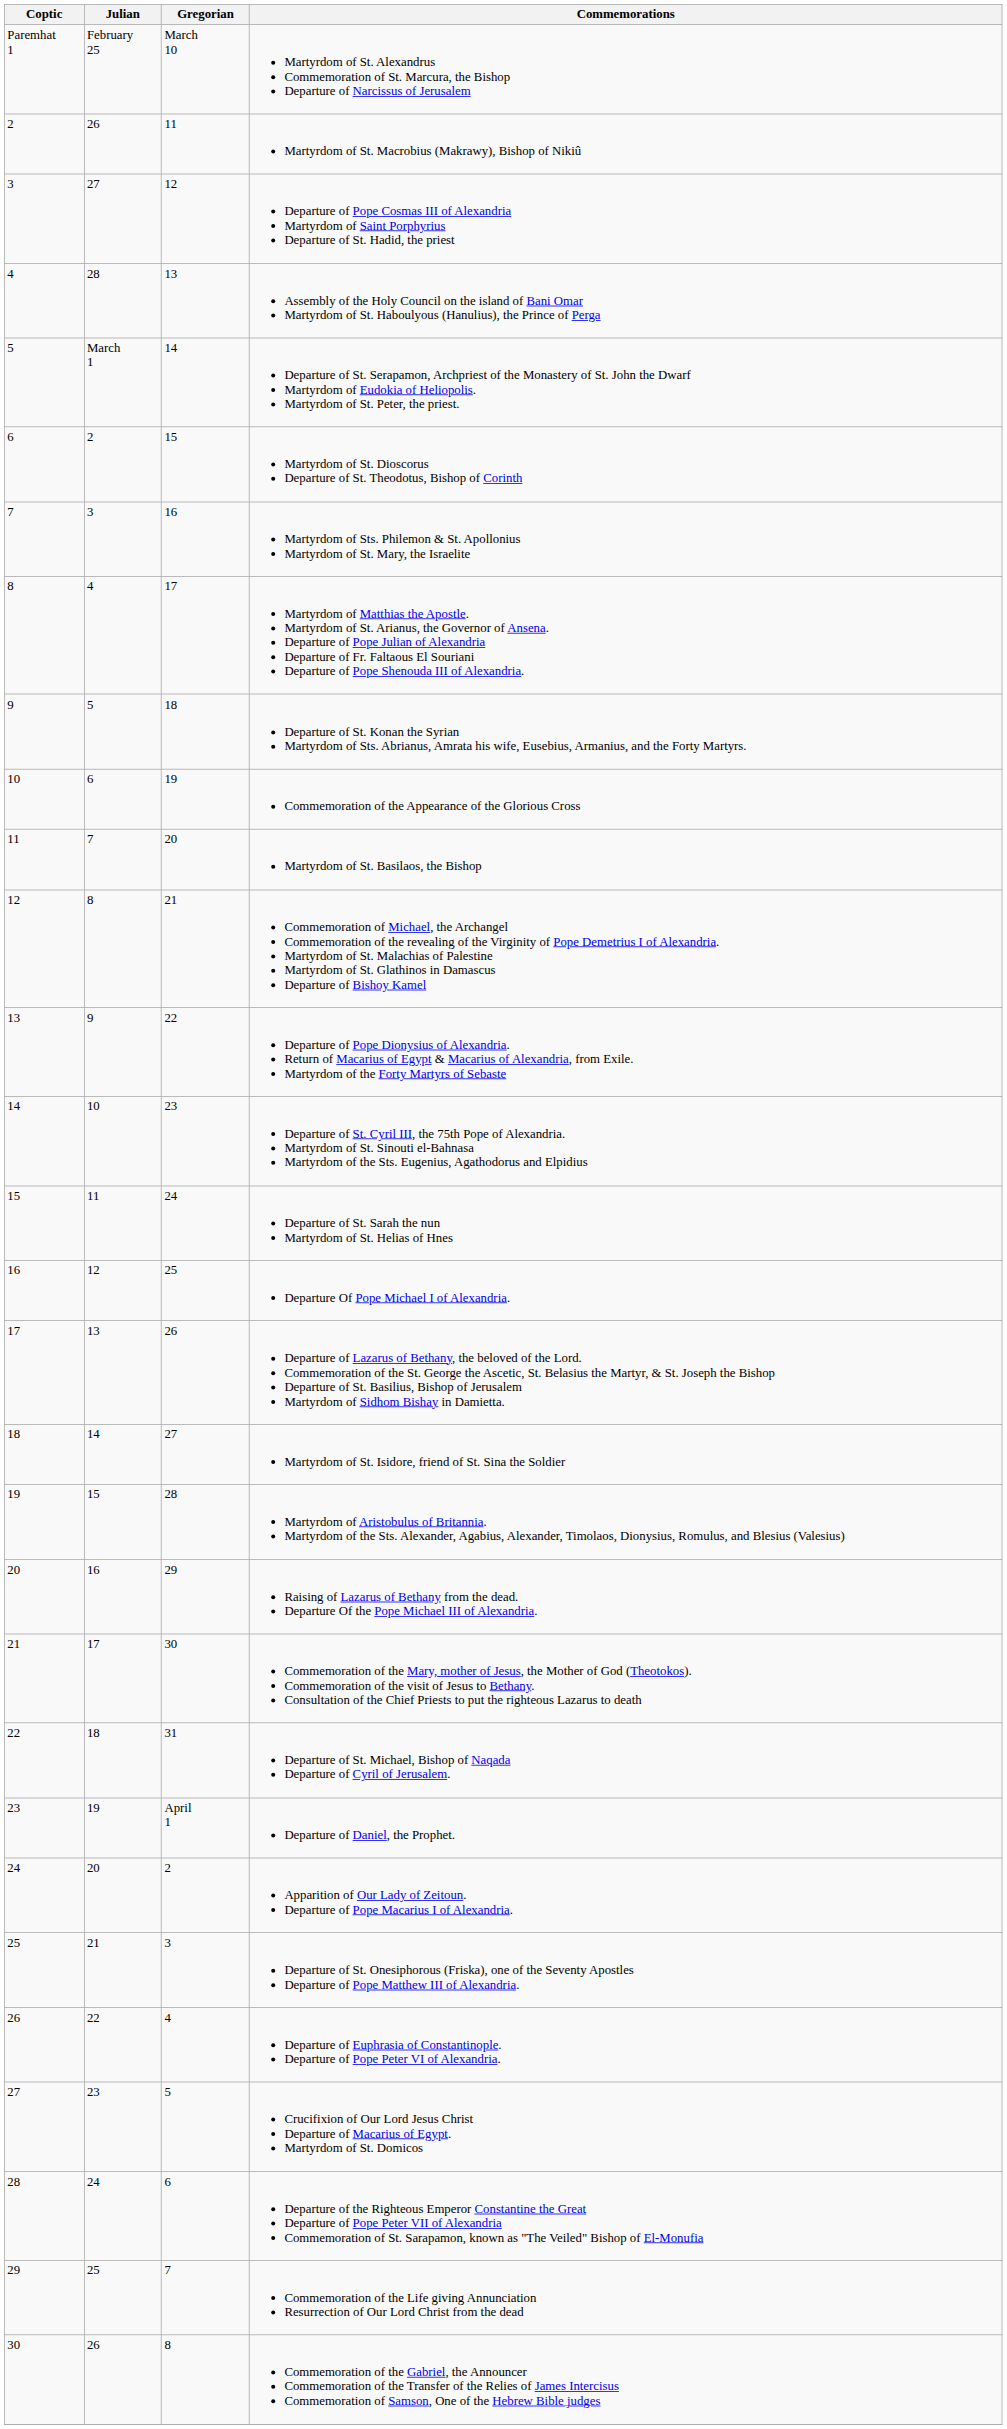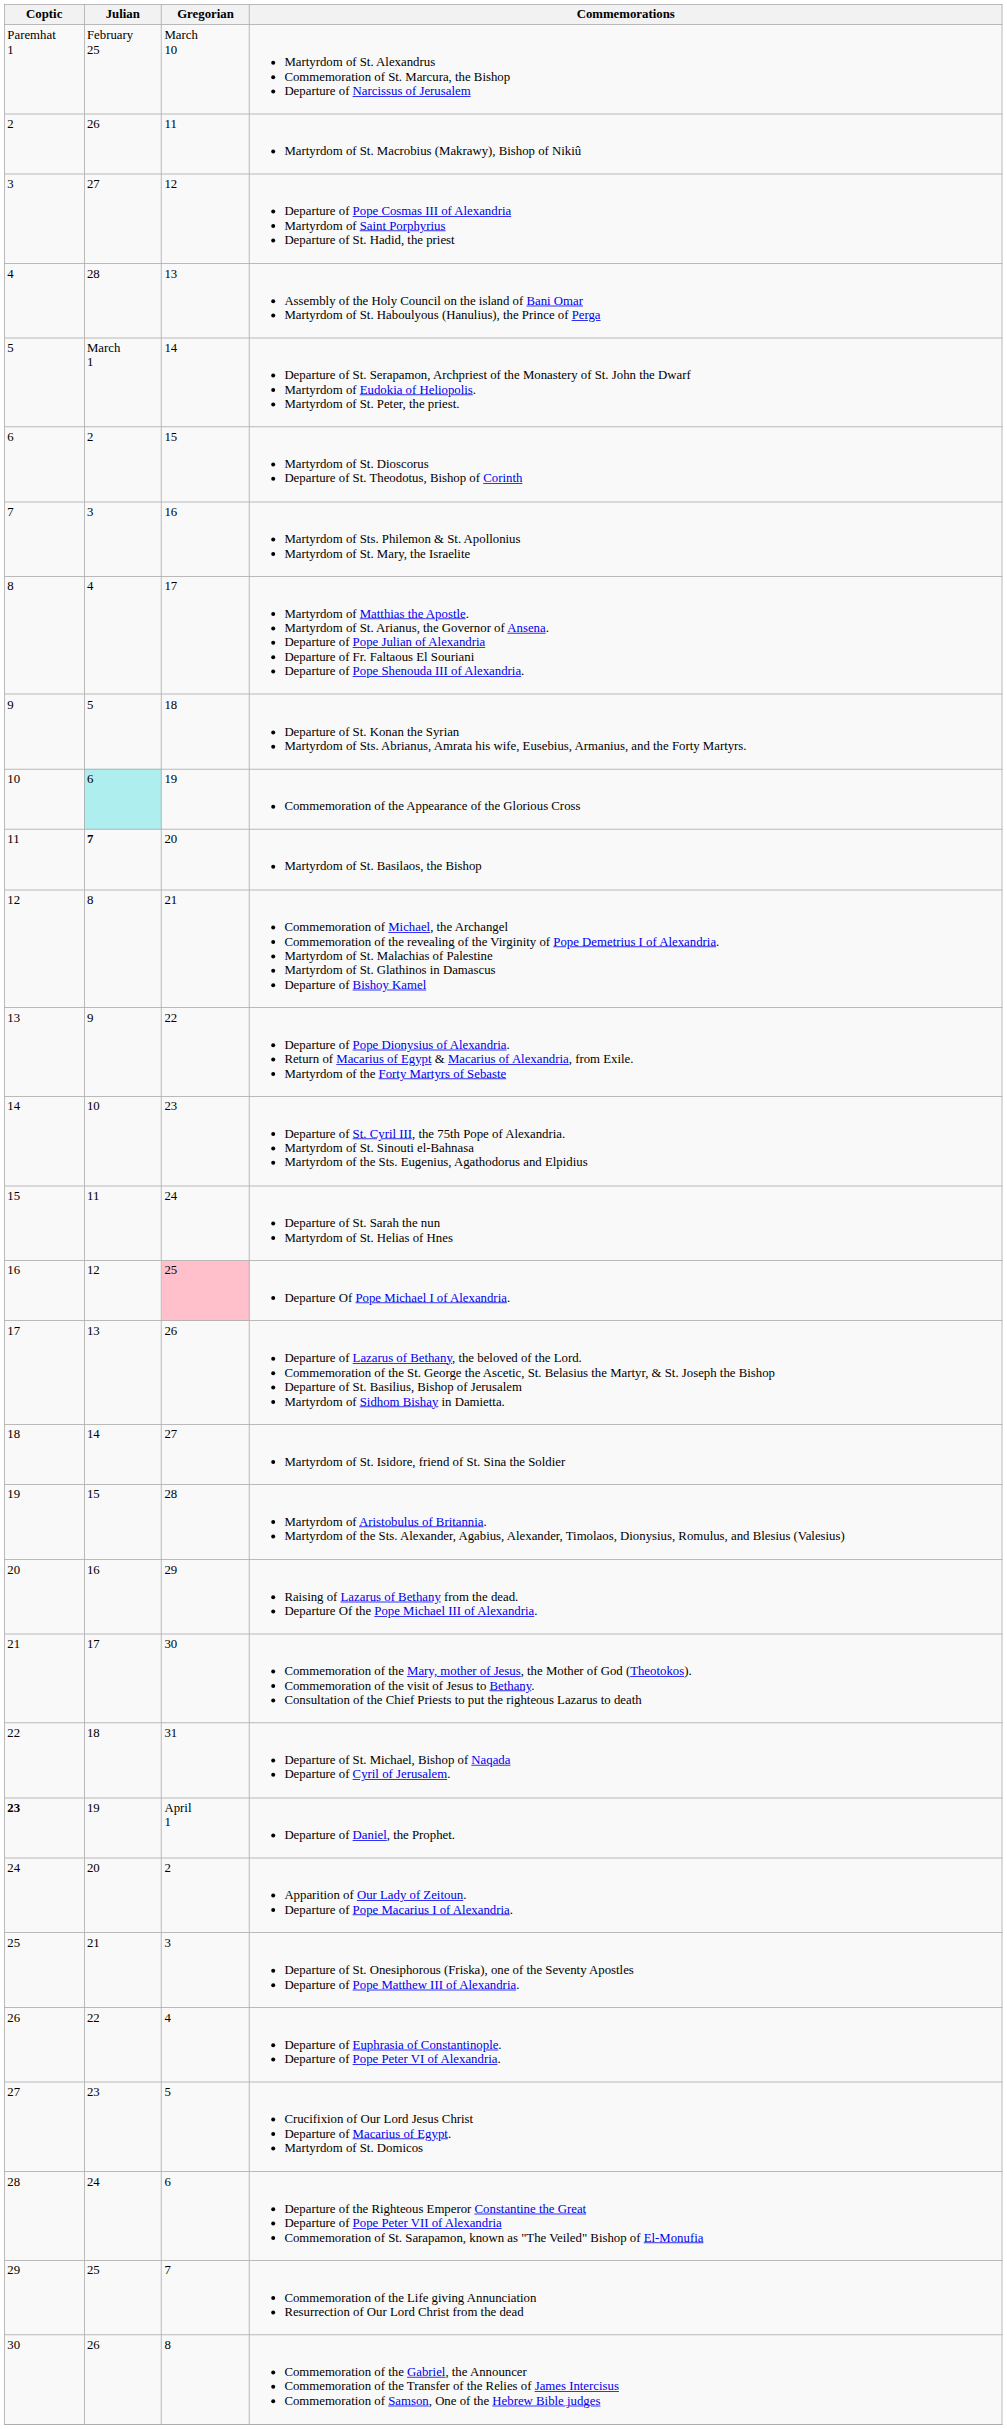 <table class="wikitable">
 <tr>
 <th style="width:5%;">Coptic</th>
 <th style="width:5%;">Julian</th>
 <th style="width:5%;">Gregorian</th>
 <th style="width:50%;">Commemorations</th>
 </tr>
 <tr valign="top">
 <td>Paremhat<br>1</td>
 <td>February<br>25</td>
 <td>March<br>10</td>
 <td><br><ul><li>Martyrdom of St. Alexandrus</li><li>Commemoration of St. Marcura, the Bishop</li><li>Departure of <a href='#'>Narcissus of Jerusalem</a></li></ul></td>
 </tr>
 <tr valign="top">
 <td>2</td>
 <td>26</td>
 <td>11</td>
 <td><br><ul><li>Martyrdom of St. Macrobius (Makrawy), Bishop of Nikiû</li></ul></td>
 </tr>
 <tr valign="top">
 <td>3</td>
 <td>27</td>
 <td>12</td>
 <td><br><ul><li>Departure of <a href='#'>Pope Cosmas III of Alexandria</a></li><li>Martyrdom of <a href='#'>Saint Porphyrius</a></li><li>Departure of St. Hadid, the priest</li></ul></td>
 </tr>
 <tr valign="top">
 <td>4</td>
 <td>28</td>
 <td>13</td>
 <td><br><ul><li>Assembly of the Holy Council on the island of <a href='#'>Bani Omar</a></li><li>Martyrdom of St. Haboulyous (Hanulius), the Prince of <a href='#'>Perga</a></li></ul></td>
 </tr>
 <tr valign="top">
 <td>5</td>
 <td>March<br>1</td>
 <td>14</td>
 <td><br><ul><li>Departure of St. Serapamon, Archpriest of the Monastery of St. John the Dwarf</li><li>Martyrdom of <a href='#'>Eudokia of Heliopolis</a>.</li><li>Martyrdom of St. Peter, the priest.</li></ul></td>
 </tr>
 <tr valign="top">
 <td>6</td>
 <td>2</td>
 <td>15</td>
 <td><br><ul><li>Martyrdom of St. Dioscorus</li><li>Departure of St. Theodotus, Bishop of <a href='#'>Corinth</a></li></ul></td>
 </tr>
 <tr valign="top">
 <td>7</td>
 <td>3</td>
 <td>16</td>
 <td><br><ul><li>Martyrdom of Sts. Philemon & St. Apollonius</li><li>Martyrdom of St. Mary, the Israelite</li></ul></td>
 </tr>
 <tr valign="top">
 <td>8</td>
 <td>4</td>
 <td>17</td>
 <td><br><ul><li>Martyrdom of <a href='#'>Matthias the Apostle</a>.</li><li>Martyrdom of St. Arianus, the Governor of <a href='#'>Ansena</a>.</li><li>Departure of <a href='#'>Pope Julian of Alexandria</a></li><li>Departure of Fr. Faltaous El Souriani</li><li>Departure of <a href='#'>Pope Shenouda III of Alexandria</a>.</li></ul></td>
 </tr>
 <tr valign="top">
 <td>9</td>
 <td>5</td>
 <td>18</td>
 <td><br><ul><li>Departure of St. Konan the Syrian</li><li>Martyrdom of Sts. Abrianus, Amrata his wife, Eusebius, Armanius, and the Forty Martyrs.</li></ul></td>
 </tr>
 <tr valign="top">
 <td>10</td>
-<td>6</td>
+<td style="background: paleturquoise;">6</td>
 <td>19</td>
 <td><br><ul><li>Commemoration of the Appearance of the Glorious Cross</li></ul></td>
 </tr>
 <tr valign="top">
 <td>11</td>
-<td>7</td>
+<td><strong>7</strong></td>
 <td>20</td>
 <td><br><ul><li>Martyrdom of St. Basilaos, the Bishop</li></ul></td>
 </tr>
 <tr valign="top">
 <td>12</td>
 <td>8</td>
 <td>21</td>
 <td><br><ul><li>Commemoration of <a href='#'>Michael</a>, the Archangel</li><li>Commemoration of the revealing of the Virginity of <a href='#'>Pope Demetrius I of Alexandria</a>.</li><li>Martyrdom of St. Malachias of Palestine</li><li>Martyrdom of St. Glathinos in Damascus</li><li>Departure of <a href='#'>Bishoy Kamel</a></li></ul></td>
 </tr>
 <tr valign="top">
 <td>13</td>
 <td>9</td>
 <td>22</td>
 <td><br><ul><li>Departure of <a href='#'>Pope Dionysius of Alexandria</a>.</li><li>Return of <a href='#'>Macarius of Egypt</a> & <a href='#'>Macarius of Alexandria</a>, from Exile.</li><li>Martyrdom of the <a href='#'>Forty Martyrs of Sebaste</a></li></ul></td>
 </tr>
 <tr valign="top">
 <td>14</td>
 <td>10</td>
 <td>23</td>
 <td><br><ul><li>Departure of <a href='#'>St. Cyril III</a>, the 75th Pope of Alexandria.</li><li>Martyrdom of St. Sinouti el-Bahnasa</li><li>Martyrdom of the Sts. Eugenius, Agathodorus and Elpidius</li></ul></td>
 </tr>
 <tr valign="top">
 <td>15</td>
 <td>11</td>
 <td>24</td>
 <td><br><ul><li>Departure of St. Sarah the nun</li><li>Martyrdom of St. Helias of Hnes</li></ul></td>
 </tr>
 <tr valign="top">
 <td>16</td>
 <td>12</td>
-<td>25</td>
+<td style="background: pink;">25</td>
 <td><br><ul><li>Departure Of <a href='#'>Pope Michael I of Alexandria</a>.</li></ul></td>
 </tr>
 <tr valign="top">
 <td>17</td>
 <td>13</td>
 <td>26</td>
 <td><br><ul><li>Departure of <a href='#'>Lazarus of Bethany</a>, the beloved of the Lord.</li><li>Commemoration of the St. George the Ascetic, St. Belasius the Martyr, & St. Joseph the Bishop</li><li>Departure of St. Basilius, Bishop of Jerusalem</li><li>Martyrdom of <a href='#'>Sidhom Bishay</a> in Damietta.</li></ul></td>
 </tr>
 <tr valign="top">
 <td>18</td>
 <td>14</td>
 <td>27</td>
 <td><br><ul><li>Martyrdom of St. Isidore, friend of St. Sina the Soldier</li></ul></td>
 </tr>
 <tr valign="top">
 <td>19</td>
 <td>15</td>
 <td>28</td>
 <td><br><ul><li>Martyrdom of <a href='#'>Aristobulus of Britannia</a>.</li><li>Martyrdom of the Sts. Alexander, Agabius, Alexander, Timolaos, Dionysius, Romulus, and Blesius (Valesius)</li></ul></td>
 </tr>
 <tr valign="top">
 <td>20</td>
 <td>16</td>
 <td>29</td>
 <td><br><ul><li>Raising of <a href='#'>Lazarus of Bethany</a> from the dead.</li><li>Departure Of the <a href='#'>Pope Michael III of Alexandria</a>.</li></ul></td>
 </tr>
 <tr valign="top">
 <td>21</td>
 <td>17</td>
 <td>30</td>
 <td><br><ul><li>Commemoration of the <a href='#'>Mary, mother of Jesus</a>, the Mother of God (<a href='#'>Theotokos</a>).</li><li>Commemoration of the visit of Jesus to <a href='#'>Bethany</a>.</li><li>Consultation of the Chief Priests to put the righteous Lazarus to death</li></ul></td>
 </tr>
 <tr valign="top">
 <td>22</td>
 <td>18</td>
 <td>31</td>
 <td><br><ul><li>Departure of St. Michael, Bishop of <a href='#'>Naqada</a></li><li>Departure of <a href='#'>Cyril of Jerusalem</a>.</li></ul></td>
 </tr>
 <tr valign="top">
-<td>23</td>
+<td><strong>23</strong></td>
 <td>19</td>
 <td>April<br>1</td>
 <td><br><ul><li>Departure of <a href='#'>Daniel</a>, the Prophet.</li></ul></td>
 </tr>
 <tr valign="top">
 <td>24</td>
 <td>20</td>
 <td>2</td>
 <td><br><ul><li>Apparition of <a href='#'>Our Lady of Zeitoun</a>.</li><li>Departure of <a href='#'>Pope Macarius I of Alexandria</a>.</li></ul></td>
 </tr>
 <tr valign="top">
 <td>25</td>
 <td>21</td>
 <td>3</td>
 <td><br><ul><li>Departure of St. Onesiphorous (Friska), one of the Seventy Apostles</li><li>Departure of <a href='#'>Pope Matthew III of Alexandria</a>.</li></ul></td>
 </tr>
 <tr valign="top">
 <td>26</td>
 <td>22</td>
 <td>4</td>
 <td><br><ul><li>Departure of <a href='#'>Euphrasia of Constantinople</a>.</li><li>Departure of <a href='#'>Pope Peter VI of Alexandria</a>.</li></ul></td>
 </tr>
 <tr valign="top">
 <td>27</td>
 <td>23</td>
 <td>5</td>
 <td><br><ul><li>Crucifixion of Our Lord Jesus Christ</li><li>Departure of <a href='#'>Macarius of Egypt</a>.</li><li>Martyrdom of St. Domicos</li></ul></td>
 </tr>
 <tr valign="top">
 <td>28</td>
 <td>24</td>
 <td>6</td>
 <td><br><ul><li>Departure of the Righteous Emperor <a href='#'>Constantine the Great</a></li><li>Departure of <a href='#'>Pope Peter VII of Alexandria</a></li><li>Commemoration of St. Sarapamon, known as "The Veiled" Bishop of <a href='#'>El-Monufia</a></li></ul></td>
 </tr>
 <tr valign="top">
 <td>29</td>
 <td>25</td>
 <td>7</td>
 <td><br><ul><li>Commemoration of the Life giving Annunciation</li><li>Resurrection of Our Lord Christ from the dead</li></ul></td>
 </tr>
 <tr valign="top">
 <td>30</td>
 <td>26</td>
 <td>8</td>
 <td><br><ul><li>Commemoration of the <a href='#'>Gabriel</a>, the Announcer</li><li>Commemoration of the Transfer of the Relies of <a href='#'>James Intercisus</a></li><li>Commemoration of <a href='#'>Samson</a>, One of the <a href='#'>Hebrew Bible judges</a></li></ul></td>
 </tr>
 <tr valign="top">
 </tr>
 </table>
